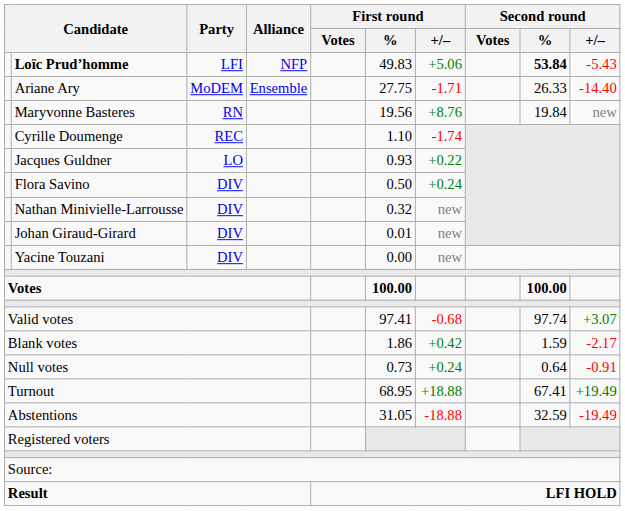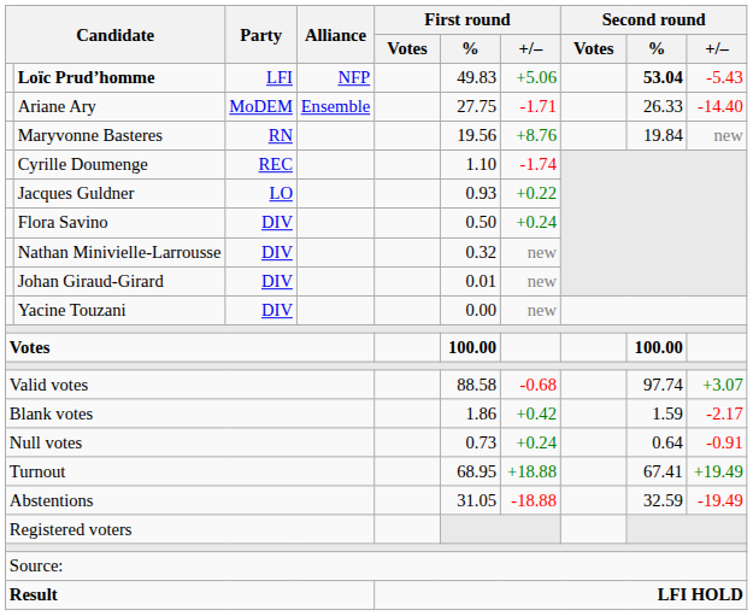 <table class="wikitable" style="text-align:right;font-size:95%;">
 <tr>
 <th rowspan="2" colspan="2">Candidate</th>
 <th colspan="1" rowspan="2">Party</th>
 <th colspan="1" rowspan="2">Alliance</th>
 <th colspan="3">First round</th>
 <th colspan="3">Second round</th>
 </tr>
 <tr>
 <th style="width:50px;">Votes</th>
 <th style="width:45px;">%</th>
 <th style="width:45px;">+/–</th>
 <th style="width:50px;">Votes</th>
 <th style="width:45px;">%</th>
 <th style="width:45px;">+/–</th>
 </tr>
 <tr>
 <td style="color:inherit;background:"></td>
 <td style="text-align:left;"><strong>Loïc Prud’homme</strong></td>
 <td><a href='#'>LFI</a></td>
 <td><a href='#'>NFP</a></td>
 <td></td>
 <td>49.83</td>
 <td style="color:green;">+5.06</td>
 <td><strong></strong></td>
-<td><strong>53.84</strong></td>
+<td><strong>53.04</strong></td>
 <td style="color:red;">-5.43</td>
 </tr>
 <tr>
 <td style="color:inherit;background:"></td>
 <td style="text-align:left;">Ariane Ary</td>
 <td><a href='#'>MoDEM</a></td>
 <td><a href='#'>Ensemble</a></td>
 <td></td>
 <td>27.75</td>
 <td style="color:red;">-1.71</td>
 <td></td>
 <td>26.33</td>
 <td style="color:red;">-14.40</td>
 </tr>
 <tr>
 <td style="color:inherit;background:"></td>
 <td style="text-align:left;">Maryvonne Basteres</td>
 <td><a href='#'>RN</a></td>
 <td></td>
 <td></td>
 <td>19.56</td>
 <td style="color:green;">+8.76</td>
 <td></td>
 <td>19.84</td>
 <td style="color:grey;">new</td>
 </tr>
 <tr>
 <td style="color:inherit;background:"></td>
 <td style="text-align:left;">Cyrille Doumenge</td>
 <td><a href='#'>REC</a></td>
 <td></td>
 <td></td>
 <td>1.10</td>
 <td style="color:red;">-1.74</td>
 <td colspan="3" rowspan="5" style="background:#E9E9E9;"></td>
 </tr>
 <tr>
 <td style="color:inherit;background:"></td>
 <td style="text-align:left;">Jacques Guldner</td>
 <td><a href='#'>LO</a></td>
 <td></td>
 <td></td>
 <td>0.93</td>
 <td style="color:green;">+0.22</td>
 </tr>
 <tr>
 <td style="color:inherit;background:"></td>
 <td style="text-align:left;">Flora Savino</td>
 <td><a href='#'>DIV</a></td>
 <td></td>
 <td></td>
 <td>0.50</td>
 <td style="color:green;">+0.24</td>
 </tr>
 <tr>
 <td style="color:inherit;background:"></td>
 <td style="text-align:left;">Nathan Minivielle-Larrousse</td>
 <td><a href='#'>DIV</a></td>
 <td></td>
 <td></td>
 <td>0.32</td>
 <td style="color:grey;">new</td>
 </tr>
 <tr>
 <td style="color:inherit;background:"></td>
 <td style="text-align:left;">Johan Giraud-Girard</td>
 <td><a href='#'>DIV</a></td>
 <td></td>
 <td></td>
 <td>0.01</td>
 <td style="color:grey;">new</td>
 </tr>
 <tr>
 <td style="color:inherit;background:"></td>
 <td style="text-align:left;">Yacine Touzani</td>
 <td><a href='#'>DIV</a></td>
 <td></td>
 <td></td>
 <td>0.00</td>
 <td style="color:grey;">new</td>
 </tr>
 <tr>
 <td colspan="10" style="background:#E9E9E9;"></td>
 </tr>
 <tr style="font-weight:bold;">
 <td colspan="4" style="text-align:left;">Votes</td>
 <td></td>
 <td>100.00</td>
 <td></td>
 <td></td>
 <td>100.00</td>
 <td></td>
 </tr>
 <tr>
 <td colspan="10" style="background:#E9E9E9;"></td>
 </tr>
 <tr>
 <td colspan="4" style="text-align:left;">Valid votes</td>
 <td></td>
-<td>97.41</td>
+<td>88.58</td>
 <td style="color:red;">-0.68</td>
 <td></td>
 <td>97.74</td>
 <td style="color:green;">+3.07</td>
 </tr>
 <tr>
 <td colspan="4" style="text-align:left;">Blank votes</td>
 <td></td>
 <td>1.86</td>
 <td style="color:green;">+0.42</td>
 <td></td>
 <td>1.59</td>
 <td style="color:red;">-2.17</td>
 </tr>
 <tr>
 <td colspan="4" style="text-align:left;">Null votes</td>
 <td></td>
 <td>0.73</td>
 <td style="color:green;">+0.24</td>
 <td></td>
 <td>0.64</td>
 <td style="color:red;">-0.91</td>
 </tr>
 <tr>
 <td colspan="4" style="text-align:left;">Turnout</td>
 <td></td>
 <td>68.95</td>
 <td style="color:green;">+18.88</td>
 <td></td>
 <td>67.41</td>
 <td style="color:green;">+19.49</td>
 </tr>
 <tr>
 <td colspan="4" style="text-align:left;">Abstentions</td>
 <td></td>
 <td>31.05</td>
 <td style="color:red;">-18.88</td>
 <td></td>
 <td>32.59</td>
 <td style="color:red;">-19.49</td>
 </tr>
 <tr>
 <td colspan="4" style="text-align:left;">Registered voters</td>
 <td></td>
 <td colspan="2" style="background:#E9E9E9;"></td>
 <td></td>
 <td colspan="2" style="background:#E9E9E9;"></td>
 </tr>
 <tr>
 <td colspan="10" style="background:#E9E9E9;"></td>
 </tr>
 <tr>
 <td colspan="10" style="text-align:left;">Source: </td>
 </tr>
 <tr style="font-weight:bold">
 <td colspan="4" style="text-align:left;">Result</td>
 <td colspan="6" style="background-color:">LFI HOLD</td>
 </tr>
 </table>
